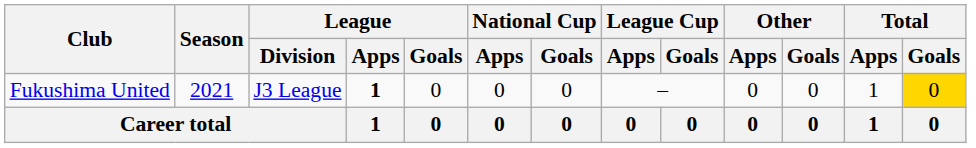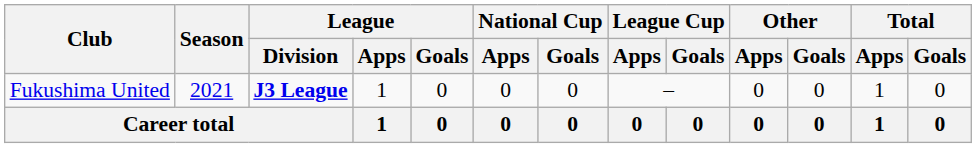 <table class="wikitable" style="text-align: center">
 <tr>
 <th rowspan="2">Club</th>
 <th rowspan="2">Season</th>
 <th colspan="3">League</th>
 <th colspan="2">National Cup</th>
 <th colspan="2">League Cup</th>
 <th colspan="2">Other</th>
 <th colspan="2">Total</th>
 </tr>
 <tr>
 <th>Division</th>
 <th>Apps</th>
 <th>Goals</th>
 <th>Apps</th>
 <th>Goals</th>
 <th>Apps</th>
 <th>Goals</th>
 <th>Apps</th>
 <th>Goals</th>
 <th>Apps</th>
 <th>Goals</th>
 </tr>
 <tr>
 <td><a href='#'>Fukushima United</a></td>
 <td><a href='#'>2021</a></td>
-<td><a href='#'>J3 League</a></td>
-<td><strong>1</strong></td>
+<td><strong><a href='#'>J3 League</a></strong></td>
+<td>1</td>
 <td>0</td>
 <td>0</td>
 <td>0</td>
 <td colspan="2">–</td>
 <td>0</td>
 <td>0</td>
 <td>1</td>
-<td style="background: gold;">0</td>
+<td>0</td>
 </tr>
 <tr>
 <th colspan=3>Career total</th>
 <th>1</th>
 <th>0</th>
 <th>0</th>
 <th>0</th>
 <th>0</th>
 <th>0</th>
 <th>0</th>
 <th>0</th>
 <th>1</th>
 <th>0</th>
 </tr>
 </table>
